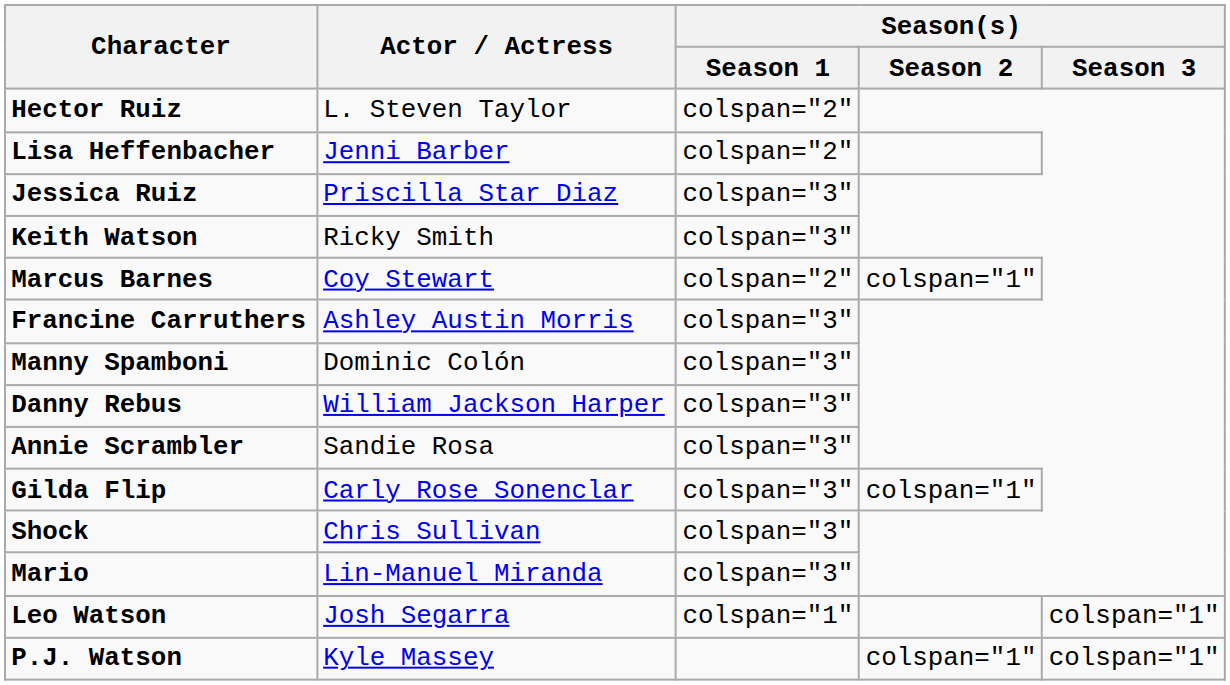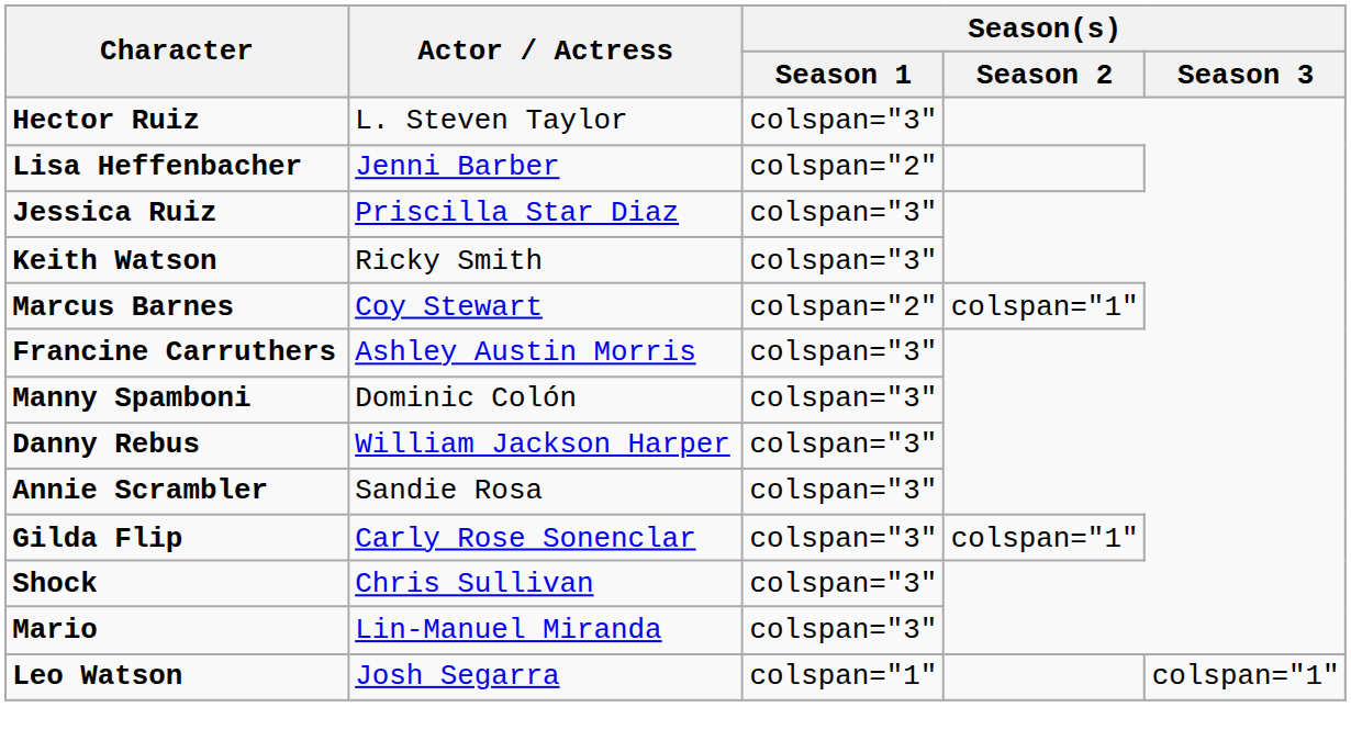 <table class="wikitable">
 <tr>
 <th rowspan="2">Character</th>
 <th rowspan="2">Actor / Actress</th>
 <th colspan="3">Season(s)</th>
 </tr>
 <tr>
 <th style="width:15%;">Season 1</th>
 <th style="width:15%;">Season 2</th>
 <th style="width:15%;">Season 3</th>
 </tr>
 <tr>
 <td><strong>Hector Ruiz</strong></td>
 <td>L. Steven Taylor</td>
-<td>colspan="2" </td>
+<td>colspan="3" </td>
 </tr>
 <tr>
 <td><strong>Lisa Heffenbacher</strong></td>
 <td><a href='#'>Jenni Barber</a></td>
 <td>colspan="2" </td>
 <td></td>
 </tr>
 <tr>
 <td><strong>Jessica Ruiz</strong></td>
 <td><a href='#'>Priscilla Star Diaz</a></td>
 <td>colspan="3" </td>
 </tr>
 <tr>
 <td><strong>Keith Watson</strong></td>
 <td>Ricky Smith</td>
 <td>colspan="3" </td>
 </tr>
 <tr>
 <td><strong>Marcus Barnes</strong></td>
 <td><a href='#'>Coy Stewart</a></td>
 <td>colspan="2" </td>
 <td>colspan="1" </td>
 </tr>
 <tr>
 <td><strong>Francine Carruthers</strong></td>
 <td><a href='#'>Ashley Austin Morris</a></td>
 <td>colspan="3" </td>
 </tr>
 <tr>
 <td><strong>Manny Spamboni</strong></td>
 <td>Dominic Colón</td>
 <td>colspan="3" </td>
 </tr>
 <tr>
 <td><strong>Danny Rebus</strong></td>
 <td><a href='#'>William Jackson Harper</a></td>
 <td>colspan="3" </td>
 </tr>
 <tr>
 <td><strong>Annie Scrambler</strong></td>
 <td>Sandie Rosa</td>
 <td>colspan="3" </td>
 </tr>
 <tr>
 <td><strong>Gilda Flip</strong></td>
 <td><a href='#'>Carly Rose Sonenclar</a></td>
 <td>colspan="3" </td>
 <td>colspan="1" </td>
 </tr>
 <tr>
 <td><strong>Shock</strong></td>
 <td><a href='#'>Chris Sullivan</a></td>
 <td>colspan="3" </td>
 </tr>
 <tr>
 <td><strong>Mario</strong></td>
 <td><a href='#'>Lin-Manuel Miranda</a></td>
 <td>colspan="3" </td>
 </tr>
 <tr>
 <td><strong>Leo Watson</strong></td>
 <td><a href='#'>Josh Segarra</a></td>
 <td>colspan="1" </td>
 <td></td>
 <td>colspan="1" </td>
 </tr>
-<tr>
-<td><strong>P.J. Watson</strong></td>
-<td><a href='#'>Kyle Massey</a></td>
-<td></td>
-<td>colspan="1" </td>
-<td>colspan="1" </td>
-</tr>
 </table>
